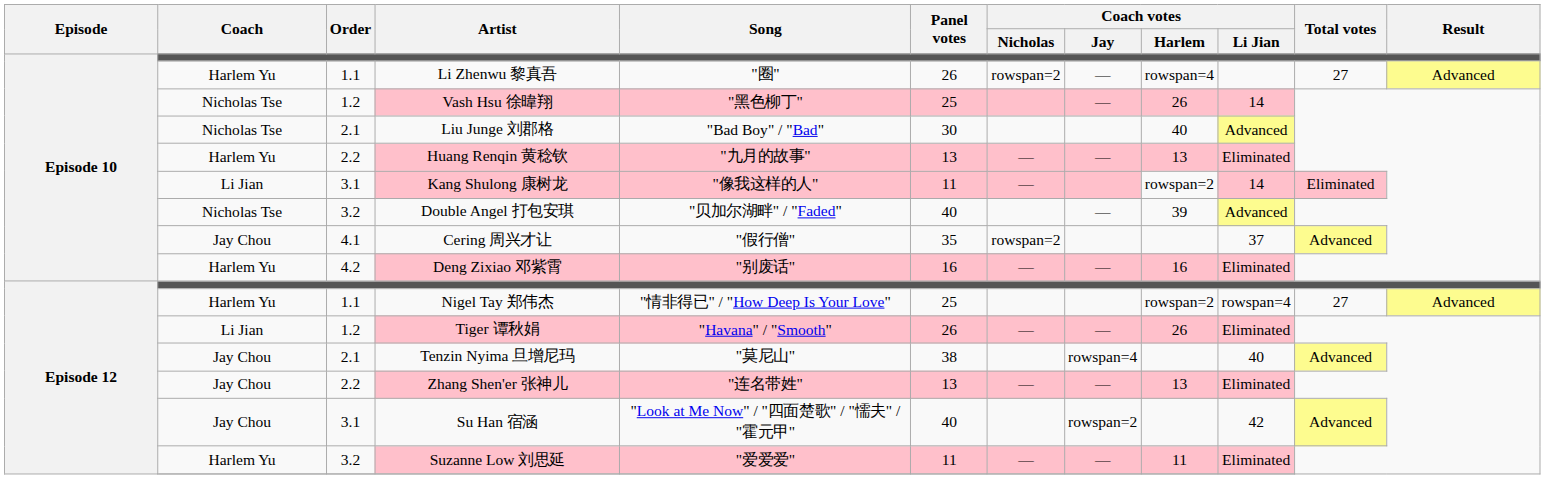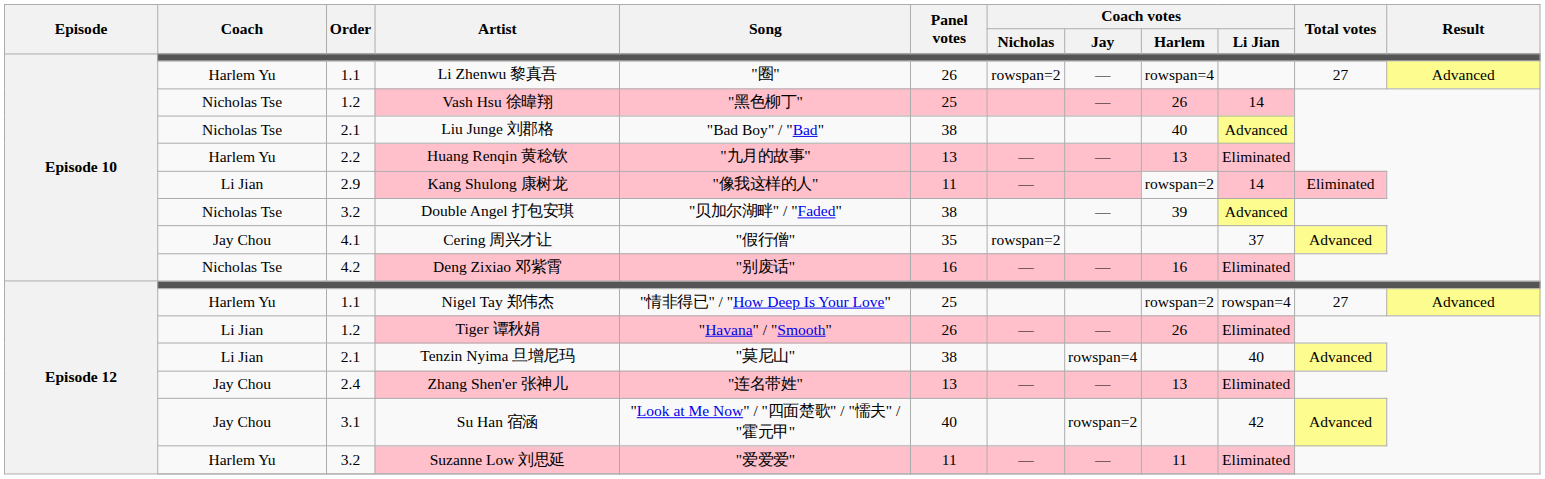 <table class="wikitable" style="text-align:center; width:100%;">
 <tr>
 <th rowspan=2 style="width:10%;">Episode</th>
 <th rowspan=2 style="width:11%;">Coach</th>
 <th rowspan=2 style="width:3%;">Order</th>
 <th rowspan=2 style="width:16%;">Artist</th>
 <th rowspan=2 style="width:19%;">Song</th>
 <th rowspan=2 style="width:5%;">Panel votes</th>
 <th colspan=4>Coach votes</th>
 <th rowspan=2 style="width:6%;">Total votes</th>
 <th rowspan=2 style="width:10%;">Result</th>
 </tr>
 <tr>
 <th style="width:5%;">Nicholas</th>
 <th style="width:5%;">Jay</th>
 <th style="width:5%;">Harlem</th>
 <th style="width:5%;">Li Jian</th>
 </tr>
 <tr>
 <th rowspan="9" scope="row">Episode 10<br><small></small></th>
 <td colspan="11" style="background:#555;"></td>
 </tr>
 <tr>
 <td>Harlem Yu</td>
 <td>1.1</td>
 <td>Li Zhenwu 黎真吾</td>
 <td>"圈"</td>
 <td>26</td>
 <td>rowspan=2 </td>
 <td>—</td>
 <td>rowspan=4 </td>
 <td></td>
 <td>27</td>
 <td style="background:#fdfc8f;">Advanced</td>
 </tr>
 <tr>
 <td>Nicholas Tse</td>
 <td>1.2</td>
 <td style="background:pink;">Vash Hsu 徐暐翔</td>
 <td style="background:pink;">"黑色柳丁"</td>
 <td style="background:pink;">25</td>
 <td style="background:pink;"></td>
 <td style="background:pink;">—</td>
 <td style="background:pink;">26</td>
 <td style="background:pink;">14</td>
 </tr>
 <tr>
 <td>Nicholas Tse</td>
 <td>2.1</td>
 <td>Liu Junge 刘郡格</td>
 <td>"Bad Boy" / "<a href='#'>Bad</a>"</td>
-<td>30</td>
+<td>38</td>
 <td></td>
 <td></td>
 <td>40</td>
 <td style="background:#fdfc8f;">Advanced</td>
 </tr>
 <tr>
 <td>Harlem Yu</td>
 <td>2.2</td>
 <td style="background:pink;">Huang Renqin 黄稔钦</td>
 <td style="background:pink;">"九月的故事"</td>
 <td style="background:pink;">13</td>
 <td style="background:pink;">—</td>
 <td style="background:pink;">—</td>
 <td style="background:pink;">13</td>
 <td style="background:pink;">Eliminated</td>
 </tr>
 <tr>
 <td>Li Jian</td>
-<td>3.1</td>
+<td>2.9</td>
 <td style="background:pink;">Kang Shulong 康树龙</td>
 <td style="background:pink;">"像我这样的人"</td>
 <td style="background:pink;">11</td>
 <td style="background:pink;">—</td>
 <td style="background:pink;"></td>
 <td>rowspan=2 </td>
 <td style="background:pink;">14</td>
 <td style="background:pink;">Eliminated</td>
 </tr>
 <tr>
 <td>Nicholas Tse</td>
 <td>3.2</td>
 <td>Double Angel 打包安琪</td>
 <td>"贝加尔湖畔" / "<a href='#'>Faded</a>"</td>
-<td>40</td>
+<td>38</td>
 <td></td>
 <td>—</td>
 <td>39</td>
 <td style="background:#fdfc8f;">Advanced</td>
 </tr>
 <tr>
 <td>Jay Chou</td>
 <td>4.1</td>
 <td>Cering 周兴才让</td>
 <td>"假行僧"</td>
 <td>35</td>
 <td>rowspan=2 </td>
 <td></td>
 <td></td>
 <td>37</td>
 <td style="background:#fdfc8f;">Advanced</td>
 </tr>
 <tr>
-<td>Harlem Yu</td>
+<td>Nicholas Tse</td>
 <td>4.2</td>
 <td style="background:pink;">Deng Zixiao 邓紫霄</td>
 <td style="background:pink;">"别废话"</td>
 <td style="background:pink;">16</td>
 <td style="background:pink;">—</td>
 <td style="background:pink;">—</td>
 <td style="background:pink;">16</td>
 <td style="background:pink;">Eliminated</td>
 </tr>
 <tr>
 <th rowspan="13" scope="row">Episode 12<br><small></small></th>
 <td colspan="11" style="background:#555;"></td>
 </tr>
 <tr>
 <td>Harlem Yu</td>
 <td>1.1</td>
 <td>Nigel Tay 郑伟杰</td>
 <td>"情非得已" / "<a href='#'>How Deep Is Your Love</a>"</td>
 <td>25</td>
 <td></td>
 <td></td>
 <td>rowspan=2 </td>
 <td>rowspan=4 </td>
 <td>27</td>
 <td style="background:#fdfc8f;">Advanced</td>
 </tr>
 <tr>
 <td>Li Jian</td>
 <td>1.2</td>
 <td style="background:pink;">Tiger 谭秋娟</td>
 <td style="background:pink;">"<a href='#'>Havana</a>" / "<a href='#'>Smooth</a>"</td>
 <td style="background:pink;">26</td>
 <td style="background:pink;">—</td>
 <td style="background:pink;">—</td>
 <td style="background:pink;">26</td>
 <td style="background:pink;">Eliminated</td>
 </tr>
 <tr>
-<td>Jay Chou</td>
+<td>Li Jian</td>
 <td>2.1</td>
 <td>Tenzin Nyima 旦增尼玛</td>
 <td>"莫尼山"</td>
 <td>38</td>
 <td></td>
 <td>rowspan=4 </td>
 <td></td>
 <td>40</td>
 <td style="background:#fdfc8f;">Advanced</td>
 </tr>
 <tr>
 <td>Jay Chou</td>
-<td>2.2</td>
+<td>2.4</td>
 <td style="background:pink;">Zhang Shen'er 张神儿</td>
 <td style="background:pink;">"连名带姓"</td>
 <td style="background:pink;">13</td>
 <td style="background:pink;">—</td>
 <td style="background:pink;">—</td>
 <td style="background:pink;">13</td>
 <td style="background:pink;">Eliminated</td>
 </tr>
 <tr>
 <td>Jay Chou</td>
 <td>3.1</td>
 <td>Su Han 宿涵</td>
 <td>"<a href='#'>Look at Me Now</a>" / "四面楚歌" / "懦夫" / "霍元甲"</td>
 <td>40</td>
 <td></td>
 <td>rowspan=2 </td>
 <td></td>
 <td>42</td>
 <td style="background:#fdfc8f;">Advanced</td>
 </tr>
 <tr>
 <td>Harlem Yu</td>
 <td>3.2</td>
 <td style="background:pink;">Suzanne Low 刘思延</td>
 <td style="background:pink;">"爱爱爱"</td>
 <td style="background:pink;">11</td>
 <td style="background:pink;">—</td>
 <td style="background:pink;">—</td>
 <td style="background:pink;">11</td>
 <td style="background:pink;">Eliminated</td>
 </tr>
 <tr>
 </tr>
 </table>
